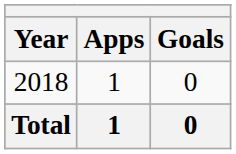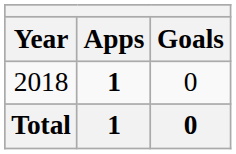 <table class="wikitable" style="text-align:center">
 <tr>
 <th colspan=3></th>
 </tr>
 <tr>
 <th>Year</th>
 <th>Apps</th>
 <th>Goals</th>
 </tr>
 <tr>
 <td>2018</td>
-<td>1</td>
+<td><strong>1</strong></td>
 <td>0</td>
 </tr>
 <tr>
 <th>Total</th>
 <th>1</th>
 <th>0</th>
 </tr>
 </table>
